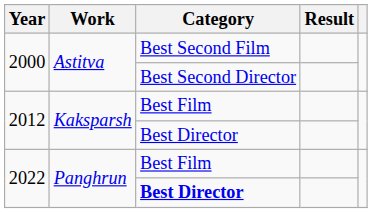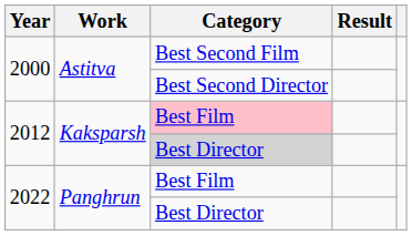 <table class="wikitable">
 <tr>
 <th>Year</th>
 <th>Work</th>
 <th>Category</th>
 <th>Result</th>
 <th></th>
 </tr>
 <tr>
 <td rowspan="2">2000</td>
 <td rowspan="2"><em><a href='#'>Astitva</a></em></td>
 <td><a href='#'>Best Second Film</a></td>
 <td></td>
 <td rowspan="2"></td>
 </tr>
 <tr>
 <td><a href='#'>Best Second Director</a></td>
 <td></td>
 </tr>
 <tr>
 <td rowspan="2">2012</td>
 <td rowspan="2"><em><a href='#'>Kaksparsh</a></em></td>
-<td><a href='#'>Best Film</a></td>
+<td style="background: pink;"><a href='#'>Best Film</a></td>
 <td></td>
 <td rowspan="2"></td>
 </tr>
 <tr>
-<td><a href='#'>Best Director</a></td>
+<td style="background: lightgrey;"><a href='#'>Best Director</a></td>
 <td></td>
 </tr>
 <tr>
 <td rowspan="2">2022</td>
 <td rowspan="2"><em><a href='#'>Panghrun</a></em></td>
 <td><a href='#'>Best Film</a></td>
 <td></td>
 <td rowspan="2"></td>
 </tr>
 <tr>
-<td><strong><a href='#'>Best Director</a></strong></td>
+<td><a href='#'>Best Director</a></td>
 <td></td>
 </tr>
 </table>
